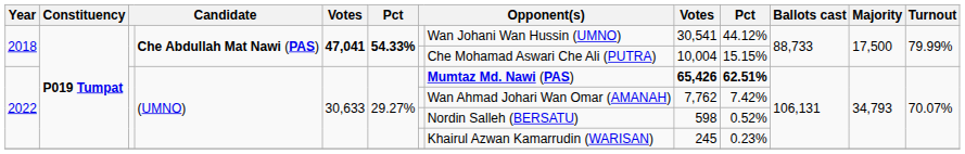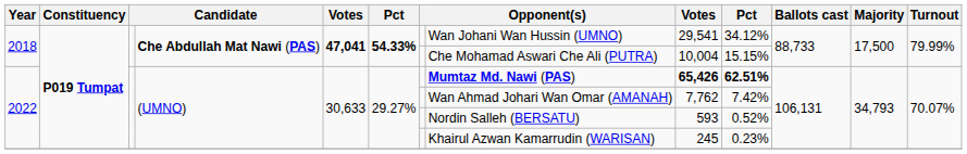 <table class="wikitable" style="margin:0.5em ; font-size:95%">
 <tr>
 <th>Year</th>
 <th>Constituency</th>
 <th colspan=2>Candidate</th>
 <th>Votes</th>
 <th>Pct</th>
 <th colspan=2>Opponent(s)</th>
 <th>Votes</th>
 <th>Pct</th>
 <th>Ballots cast</th>
 <th>Majority</th>
 <th>Turnout</th>
 </tr>
 <tr>
 <td rowspan=2><a href='#'>2018</a></td>
 <td rowspan=6><strong>P019 <a href='#'>Tumpat</a></strong></td>
 <td rowspan=2 ></td>
 <td rowspan=2><strong>Che Abdullah Mat Nawi</strong> (<a href='#'><strong>PAS</strong></a>)</td>
 <td rowspan=2 align="right"><strong>47,041</strong></td>
 <td rowspan=2><strong>54.33%</strong></td>
 <td></td>
 <td>Wan Johani Wan Hussin (<a href='#'>UMNO</a>)</td>
-<td align="right">30,541</td>
-<td>44.12%</td>
+<td align="right">29,541</td>
+<td>34.12%</td>
 <td rowspan=2>88,733</td>
 <td rowspan=2>17,500</td>
 <td rowspan=2>79.99%</td>
 </tr>
 <tr>
 <td></td>
 <td>Che Mohamad Aswari Che Ali (<a href='#'>PUTRA</a>)</td>
 <td align="right">10,004</td>
 <td>15.15%</td>
 </tr>
 <tr>
 <td rowspan=4><a href='#'>2022</a></td>
 <td rowspan=4 ></td>
 <td rowspan=4> (<a href='#'>UMNO</a>)</td>
 <td rowspan=4 align="right">30,633</td>
 <td rowspan=4>29.27%</td>
 <td></td>
 <td><strong><a href='#'>Mumtaz Md. Nawi</a></strong> (<strong><a href='#'>PAS</a></strong>)</td>
 <td align="right"><strong>65,426</strong></td>
 <td><strong>62.51%</strong></td>
 <td rowspan=4>106,131</td>
 <td rowspan=4>34,793</td>
 <td rowspan=4>70.07%</td>
 </tr>
 <tr>
 <td></td>
 <td>Wan Ahmad Johari Wan Omar (<a href='#'>AMANAH</a>)</td>
 <td align="right">7,762</td>
 <td align=right>7.42%</td>
 </tr>
 <tr>
 <td></td>
 <td>Nordin Salleh (<a href='#'>BERSATU</a>)</td>
-<td align="right">598</td>
+<td align="right">593</td>
 <td align=right>0.52%</td>
 </tr>
 <tr>
 <td bgcolor=></td>
 <td>Khairul Azwan Kamarrudin (<a href='#'>WARISAN</a>)</td>
 <td align="right">245</td>
 <td align=right>0.23%</td>
 </tr>
 <tr>
 </tr>
 </table>
